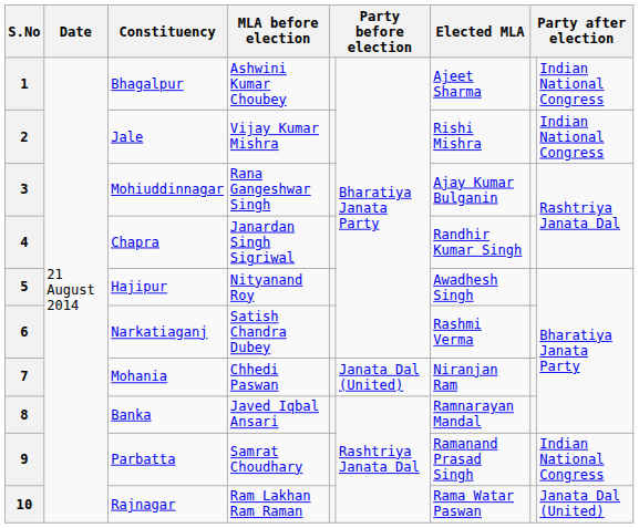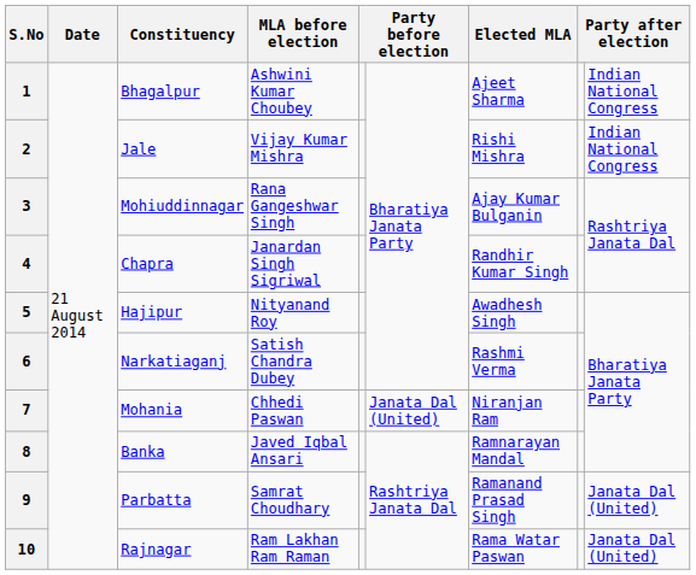 <table class="wikitable sortable">
 <tr>
 <th>S.No</th>
 <th>Date</th>
 <th>Constituency</th>
 <th>MLA before election</th>
 <th colspan="2">Party before election</th>
 <th>Elected MLA</th>
 <th colspan="2">Party after election</th>
 </tr>
 <tr>
 <th>1</th>
 <td rowspan="10">21 August 2014</td>
 <td><a href='#'>Bhagalpur</a></td>
 <td><a href='#'>Ashwini Kumar Choubey</a></td>
 <td></td>
 <td rowspan="6"><a href='#'>Bharatiya Janata Party</a></td>
 <td><a href='#'>Ajeet Sharma</a></td>
 <td></td>
 <td><a href='#'>Indian National Congress</a></td>
 </tr>
 <tr>
 <th>2</th>
 <td><a href='#'>Jale</a></td>
 <td><a href='#'>Vijay Kumar Mishra</a></td>
 <td></td>
 <td><a href='#'>Rishi Mishra</a></td>
 <td></td>
 <td><a href='#'>Indian National Congress</a></td>
 </tr>
 <tr>
 <th>3</th>
 <td><a href='#'>Mohiuddinnagar</a></td>
 <td><a href='#'>Rana Gangeshwar Singh</a></td>
 <td></td>
 <td><a href='#'>Ajay Kumar Bulganin</a></td>
 <td></td>
 <td rowspan="2"><a href='#'>Rashtriya Janata Dal</a></td>
 </tr>
 <tr>
 <th>4</th>
 <td><a href='#'>Chapra</a></td>
 <td><a href='#'>Janardan Singh Sigriwal</a></td>
 <td></td>
 <td><a href='#'>Randhir Kumar Singh</a></td>
 <td></td>
 </tr>
 <tr>
 <th>5</th>
 <td><a href='#'>Hajipur</a></td>
 <td><a href='#'>Nityanand Roy</a></td>
 <td></td>
 <td><a href='#'>Awadhesh Singh</a></td>
 <td></td>
 <td rowspan="4"><a href='#'>Bharatiya Janata Party</a></td>
 </tr>
 <tr>
 <th>6</th>
 <td><a href='#'>Narkatiaganj</a></td>
 <td><a href='#'>Satish Chandra Dubey</a></td>
 <td></td>
 <td><a href='#'>Rashmi Verma</a></td>
 <td></td>
 </tr>
 <tr>
 <th>7</th>
 <td><a href='#'>Mohania</a></td>
 <td><a href='#'>Chhedi Paswan</a></td>
 <td></td>
 <td><a href='#'>Janata Dal (United)</a></td>
 <td><a href='#'>Niranjan Ram</a></td>
 <td></td>
 </tr>
 <tr>
 <th>8</th>
 <td><a href='#'>Banka</a></td>
 <td><a href='#'>Javed Iqbal Ansari</a></td>
 <td></td>
 <td rowspan="3"><a href='#'>Rashtriya Janata Dal</a></td>
 <td><a href='#'>Ramnarayan Mandal</a></td>
 <td></td>
 </tr>
 <tr>
 <th>9</th>
 <td><a href='#'>Parbatta</a></td>
 <td><a href='#'>Samrat Choudhary</a></td>
 <td></td>
 <td><a href='#'>Ramanand Prasad Singh</a></td>
 <td></td>
-<td><a href='#'>Indian National Congress</a></td>
+<td><a href='#'>Janata Dal (United)</a></td>
 </tr>
 <tr>
 <th>10</th>
 <td><a href='#'>Rajnagar</a></td>
 <td><a href='#'>Ram Lakhan Ram Raman</a></td>
 <td></td>
 <td><a href='#'>Rama Watar Paswan</a></td>
 <td></td>
 <td><a href='#'>Janata Dal (United)</a></td>
 </tr>
 </table>
